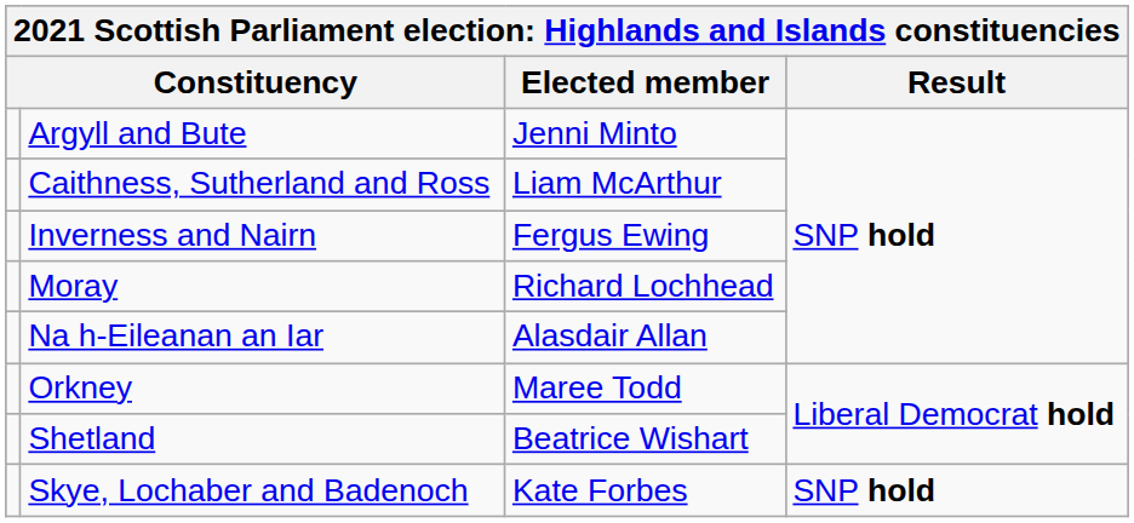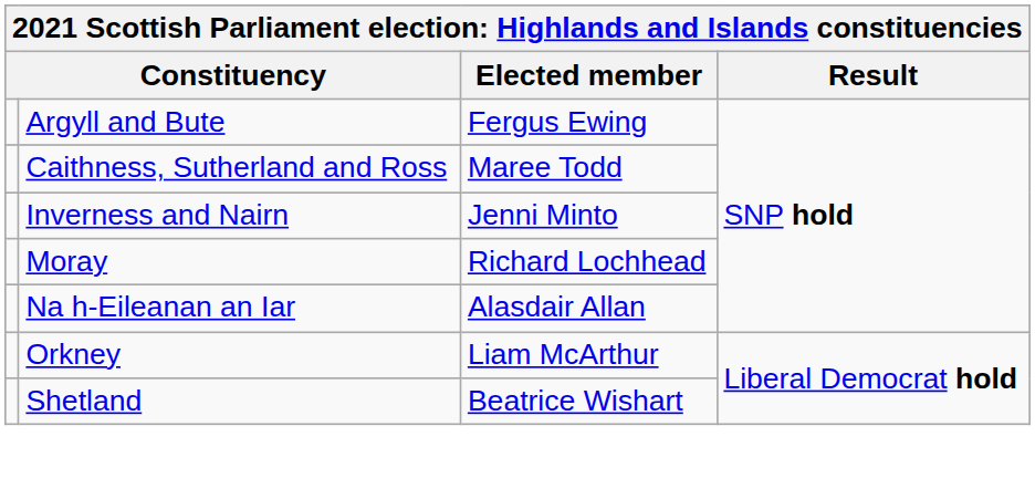 <table class="wikitable">
 <tr>
 <th colspan="4">2021 Scottish Parliament election: <a href='#'>Highlands and Islands</a> constituencies</th>
 </tr>
 <tr>
 <th colspan="2">Constituency</th>
 <th>Elected member</th>
 <th>Result</th>
 </tr>
 <tr>
 <td style="color:inherit;background-color: "></td>
 <td><a href='#'>Argyll and Bute</a></td>
-<td><a href='#'>Jenni Minto</a></td>
+<td><a href='#'>Fergus Ewing</a></td>
 <td rowspan="5"><a href='#'>SNP</a> <strong>hold</strong></td>
 </tr>
 <tr>
 <td style="color:inherit;background-color: "></td>
 <td><a href='#'>Caithness, Sutherland and Ross</a></td>
-<td><a href='#'>Liam McArthur</a></td>
+<td><a href='#'>Maree Todd</a></td>
 </tr>
 <tr>
 <td style="color:inherit;background-color: "></td>
 <td><a href='#'>Inverness and Nairn</a></td>
-<td><a href='#'>Fergus Ewing</a></td>
+<td><a href='#'>Jenni Minto</a></td>
 </tr>
 <tr>
 <td style="color:inherit;background-color: "></td>
 <td><a href='#'>Moray</a></td>
 <td><a href='#'>Richard Lochhead</a></td>
 </tr>
 <tr>
 <td style="color:inherit;background-color: "></td>
 <td><a href='#'>Na h-Eileanan an Iar</a></td>
 <td><a href='#'>Alasdair Allan</a></td>
 </tr>
 <tr>
 <td style="color:inherit;background-color: "></td>
 <td><a href='#'>Orkney</a></td>
-<td><a href='#'>Maree Todd</a></td>
+<td><a href='#'>Liam McArthur</a></td>
 <td rowspan="2"><a href='#'>Liberal Democrat</a> <strong>hold</strong></td>
 </tr>
 <tr>
 <td style="color:inherit;background-color: "></td>
 <td><a href='#'>Shetland</a></td>
 <td><a href='#'>Beatrice Wishart</a></td>
 </tr>
-<tr>
-<td style="color:inherit;background-color: "></td>
-<td><a href='#'>Skye, Lochaber and Badenoch</a></td>
-<td><a href='#'>Kate Forbes</a></td>
-<td><a href='#'>SNP</a> <strong>hold</strong></td>
-</tr>
 </table>
